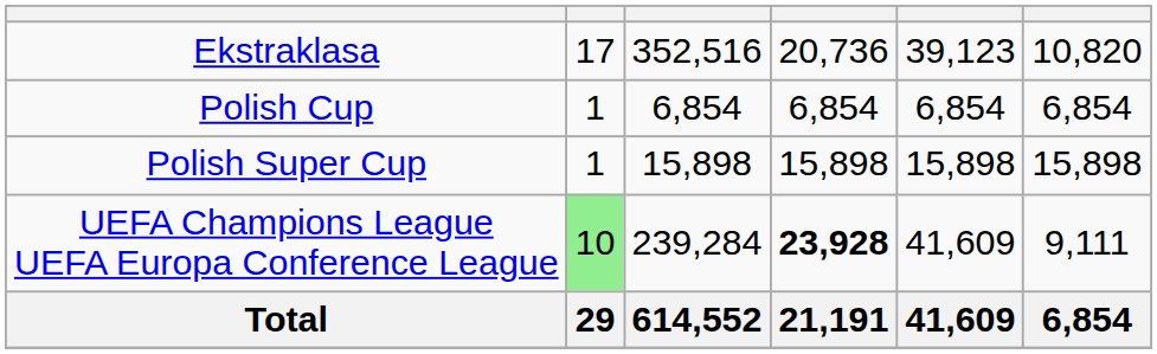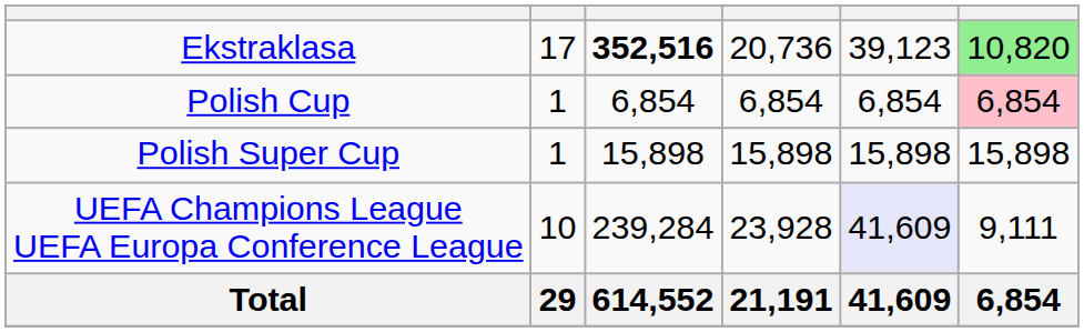 <table class="wikitable sortable" style="text-align: center;">
 <tr>
 <th></th>
 <th></th>
 <th></th>
 <th></th>
 <th></th>
 <th></th>
 </tr>
 <tr>
 <td><a href='#'>Ekstraklasa</a></td>
 <td>17</td>
-<td>352,516 </td>
+<td><strong>352,516 </strong></td>
 <td>20,736</td>
 <td>39,123</td>
-<td>10,820</td>
+<td style="background: lightgreen;">10,820</td>
 </tr>
 <tr>
 <td><a href='#'>Polish Cup</a></td>
 <td>1</td>
 <td>6,854</td>
 <td>6,854</td>
 <td>6,854</td>
-<td>6,854</td>
+<td style="background: pink;">6,854</td>
 </tr>
 <tr>
 <td><a href='#'>Polish Super Cup</a></td>
 <td>1</td>
 <td>15,898</td>
 <td>15,898</td>
 <td>15,898</td>
 <td>15,898</td>
 </tr>
 <tr>
 <td><a href='#'>UEFA Champions League</a><br><a href='#'>UEFA Europa Conference League</a></td>
-<td style="background: lightgreen;">10</td>
+<td>10</td>
 <td>239,284 </td>
-<td><strong>23,928</strong></td>
-<td>41,609</td>
+<td>23,928</td>
+<td style="background: lavender;">41,609</td>
 <td>9,111</td>
 </tr>
 <tr>
 <th>Total</th>
 <th>29</th>
 <th>614,552</th>
 <th>21,191</th>
 <th>41,609</th>
 <th>6,854</th>
 </tr>
 <tr>
 </tr>
 </table>
